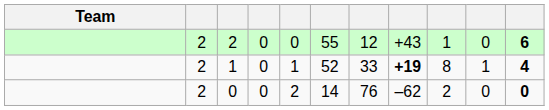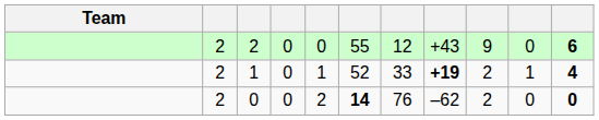 <table class="wikitable" style="text-align:center;">
 <tr>
 <th style="width:11.0em;">Team</th>
 <th style="width:1.5em;"></th>
 <th style="width:1.5em;"></th>
 <th style="width:1.5em;"></th>
 <th style="width:1.5em;"></th>
 <th style="width:2.0em;"></th>
 <th style="width:2.0em;"></th>
 <th style="width:2.0em;"></th>
 <th style="width:2.0em;"></th>
 <th style="width:2.0em;"></th>
 <th style="width:2.0em;"></th>
 </tr>
 <tr bgcolor=#cfc>
 <td align="left"></td>
 <td>2</td>
 <td>2</td>
 <td>0</td>
 <td>0</td>
 <td>55</td>
 <td>12</td>
 <td>+43</td>
-<td>1</td>
+<td>9</td>
 <td>0</td>
 <td><strong>6</strong></td>
 </tr>
 <tr>
 <td align="left"></td>
 <td>2</td>
 <td>1</td>
 <td>0</td>
 <td>1</td>
 <td>52</td>
 <td>33</td>
 <td><strong>+19</strong></td>
-<td>8</td>
+<td>2</td>
 <td>1</td>
 <td><strong>4</strong></td>
 </tr>
 <tr>
 <td align="left"></td>
 <td>2</td>
 <td>0</td>
 <td>0</td>
 <td>2</td>
-<td>14</td>
+<td><strong>14</strong></td>
 <td>76</td>
 <td>–62</td>
 <td>2</td>
 <td>0</td>
 <td><strong>0</strong></td>
 </tr>
 </table>
